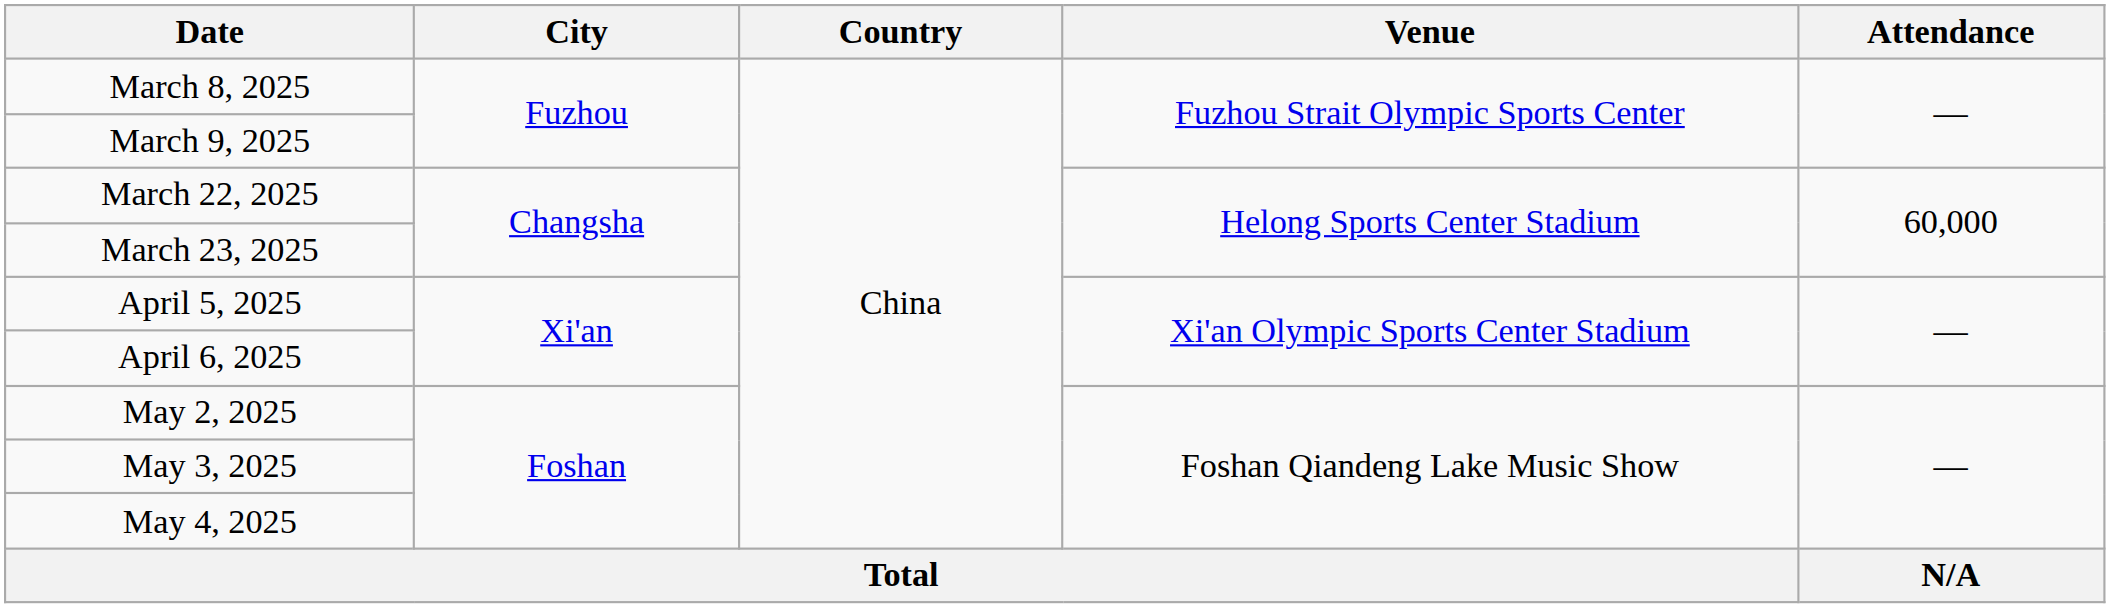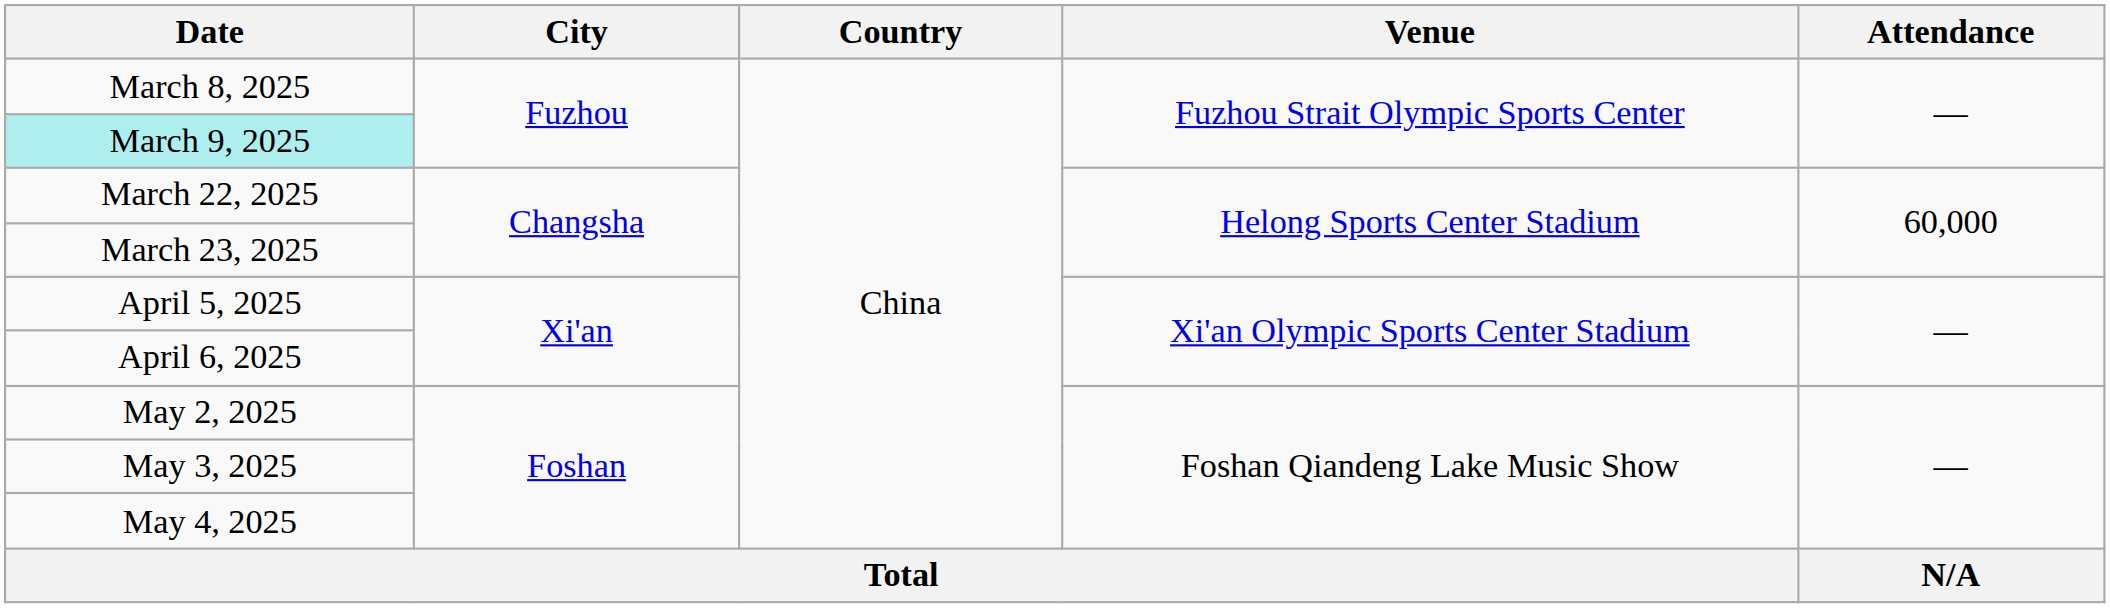 <table class="wikitable plainrowheaders" style="text-align:center;">
 <tr>
 <th scope="col" style="width:11.5em;">Date</th>
 <th scope="col" style="width:9em;">City</th>
 <th scope="col" style="width:9em;">Country</th>
 <th scope="col" style="width:21em;">Venue</th>
 <th scope="col" style="width:8.5em;">Attendance</th>
 </tr>
 <tr>
 <td>March 8, 2025</td>
 <td rowspan="2"><a href='#'>Fuzhou</a></td>
 <td rowspan="9">China</td>
 <td rowspan="2"><a href='#'>Fuzhou Strait Olympic Sports Center</a></td>
 <td rowspan="2">—</td>
 </tr>
 <tr>
-<td>March 9, 2025</td>
+<td style="background: paleturquoise;">March 9, 2025</td>
 </tr>
 <tr>
 <td>March 22, 2025</td>
 <td rowspan="2"><a href='#'>Changsha</a></td>
 <td rowspan="2"><a href='#'>Helong Sports Center Stadium</a></td>
 <td rowspan="2">60,000</td>
 </tr>
 <tr>
 <td>March 23, 2025</td>
 </tr>
 <tr>
 <td>April 5, 2025</td>
 <td rowspan="2"><a href='#'>Xi'an</a></td>
 <td rowspan="2"><a href='#'>Xi'an Olympic Sports Center Stadium</a></td>
 <td rowspan="2">—</td>
 </tr>
 <tr>
 <td>April 6, 2025</td>
 </tr>
 <tr>
 <td>May 2, 2025</td>
 <td rowspan="3"><a href='#'>Foshan</a></td>
 <td rowspan="3">Foshan Qiandeng Lake Music Show</td>
 <td rowspan="3">—</td>
 </tr>
 <tr>
 <td>May 3, 2025</td>
 </tr>
 <tr>
 <td>May 4, 2025</td>
 </tr>
 <tr>
 <th colspan="4">Total</th>
 <th>N/A</th>
 </tr>
 </table>
